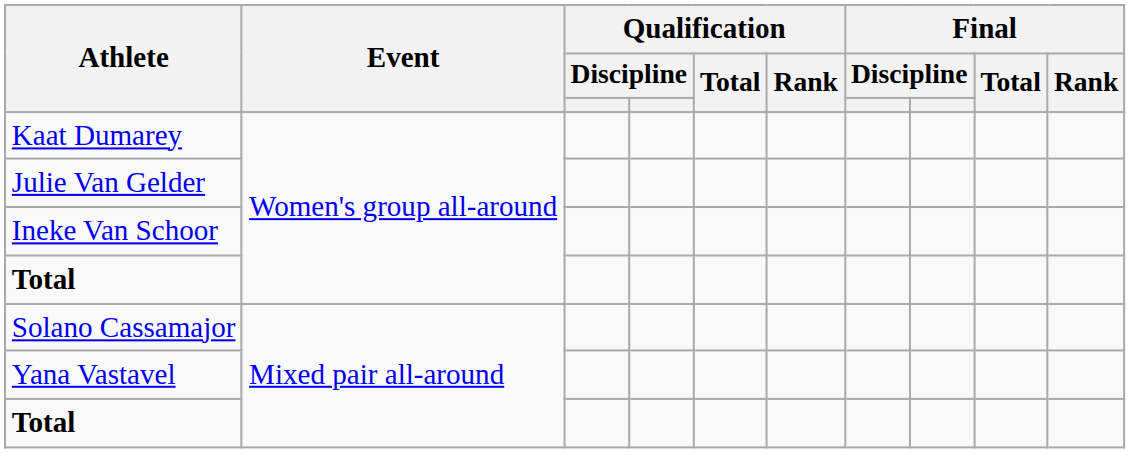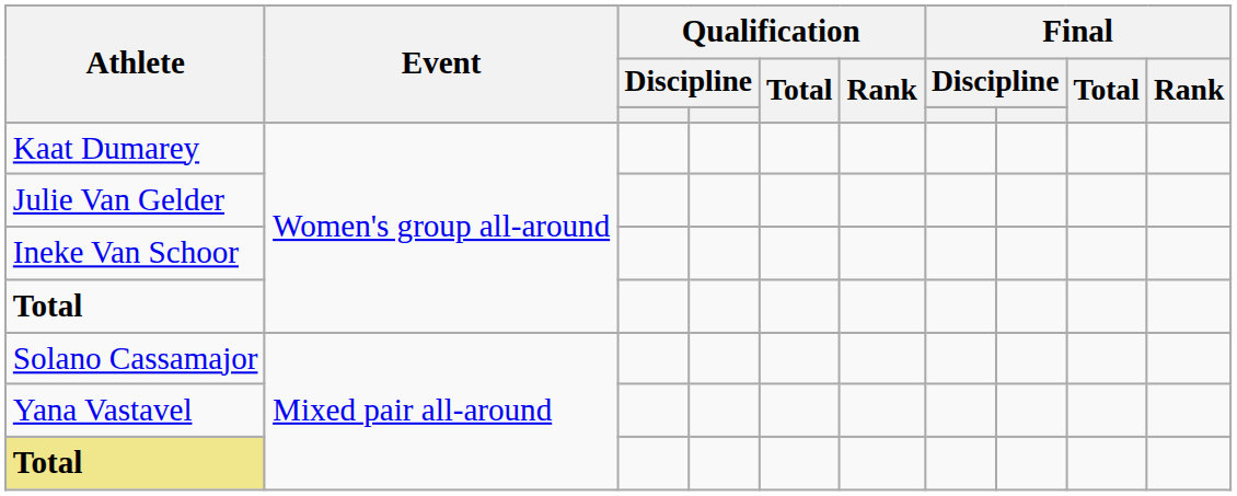 <table class="wikitable" style="font-size:90%">
 <tr>
 <th rowspan=3>Athlete</th>
 <th rowspan=3>Event</th>
 <th colspan =4>Qualification</th>
 <th colspan =4>Final</th>
 </tr>
 <tr style="font-size:95%">
 <th colspan=2>Discipline</th>
 <th rowspan=2>Total</th>
 <th rowspan=2>Rank</th>
 <th colspan=2>Discipline</th>
 <th rowspan=2>Total</th>
 <th rowspan=2>Rank</th>
 </tr>
 <tr style="font-size:95%">
 <th></th>
 <th></th>
 <th></th>
 <th></th>
 </tr>
 <tr align=center>
 <td align=left><a href='#'>Kaat Dumarey</a></td>
 <td style="text-align:left;" rowspan="4"><a href='#'>Women's group all-around</a></td>
 <td></td>
 <td></td>
 <td></td>
 <td></td>
 <td></td>
 <td></td>
 <td></td>
 <td></td>
 </tr>
 <tr align=center>
 <td align=left><a href='#'>Julie Van Gelder</a></td>
 <td></td>
 <td></td>
 <td></td>
 <td></td>
 <td></td>
 <td></td>
 <td></td>
 <td></td>
 </tr>
 <tr align=center>
 <td align=left><a href='#'>Ineke Van Schoor</a></td>
 <td></td>
 <td></td>
 <td></td>
 <td></td>
 <td></td>
 <td></td>
 <td></td>
 <td></td>
 </tr>
 <tr align=center>
 <td align=left><strong>Total</strong></td>
 <td></td>
 <td></td>
 <td></td>
 <td></td>
 <td></td>
 <td></td>
 <td></td>
 <td></td>
 </tr>
 <tr align=center>
 <td align=left><a href='#'>Solano Cassamajor</a></td>
 <td style="text-align:left;" rowspan="3"><a href='#'>Mixed pair all-around</a></td>
 <td></td>
 <td></td>
 <td></td>
 <td></td>
 <td></td>
 <td></td>
 <td></td>
 <td></td>
 </tr>
 <tr align=center>
 <td align=left><a href='#'>Yana Vastavel</a></td>
 <td></td>
 <td></td>
 <td></td>
 <td></td>
 <td></td>
 <td></td>
 <td></td>
 <td></td>
 </tr>
 <tr align=center>
-<td align=left><strong>Total</strong></td>
+<td align=left style="background: khaki;"><strong>Total</strong></td>
 <td></td>
 <td></td>
 <td></td>
 <td></td>
 <td></td>
 <td></td>
 <td></td>
 <td></td>
 </tr>
 </table>
